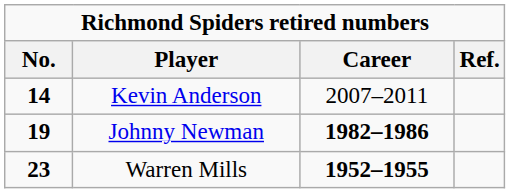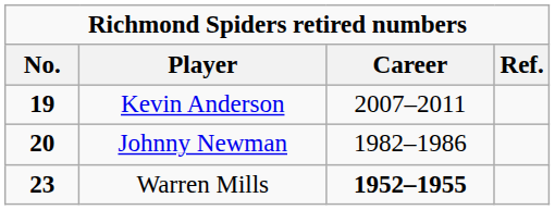 <table class="wikitable sortable" style="text-align:center">
 <tr>
 <td colspan="5"><strong>Richmond Spiders retired numbers</strong></td>
 </tr>
 <tr>
 <th width=40px>No.</th>
 <th width=150px>Player</th>
 <th width=100px>Career</th>
 <th width=px>Ref.</th>
 </tr>
 <tr>
-<td><strong>14</strong></td>
+<td><strong>19</strong></td>
 <td><a href='#'>Kevin Anderson</a></td>
 <td>2007–2011</td>
 <td></td>
 </tr>
 <tr>
-<td><strong>19</strong></td>
+<td><strong>20</strong></td>
 <td><a href='#'>Johnny Newman</a></td>
-<td><strong>1982–1986</strong></td>
+<td>1982–1986</td>
 </tr>
 <tr>
 <td><strong>23</strong></td>
 <td>Warren Mills</td>
 <td><strong>1952–1955</strong></td>
 <td></td>
 </tr>
 </table>
